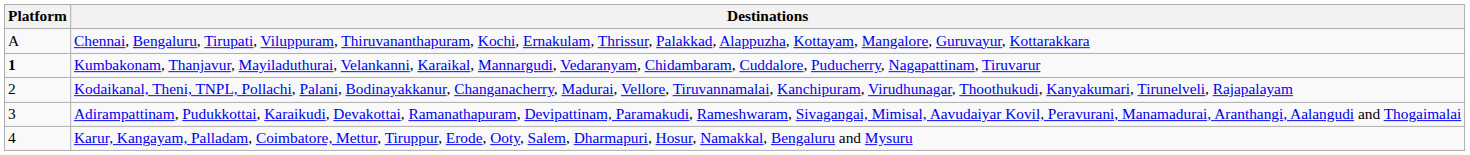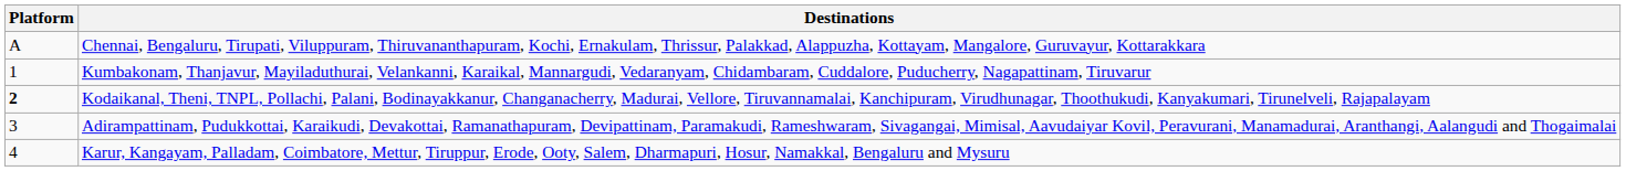 <table class ="wikitable">
 <tr>
 <th>Platform</th>
 <th>Destinations</th>
 </tr>
 <tr>
 <td>A</td>
 <td><a href='#'>Chennai</a>, <a href='#'>Bengaluru</a>, <a href='#'>Tirupati</a>,  <a href='#'>Viluppuram</a>, <a href='#'>Thiruvananthapuram</a>, <a href='#'>Kochi</a>, <a href='#'>Ernakulam</a>, <a href='#'>Thrissur</a>, <a href='#'>Palakkad</a>, <a href='#'>Alappuzha</a>, <a href='#'>Kottayam</a>, <a href='#'>Mangalore</a>, <a href='#'>Guruvayur</a>, <a href='#'>Kottarakkara</a></td>
 </tr>
 <tr>
-<td><strong>1</strong></td>
+<td>1</td>
 <td><a href='#'>Kumbakonam</a>, <a href='#'>Thanjavur</a>, <a href='#'>Mayiladuthurai</a>, <a href='#'>Velankanni</a>, <a href='#'>Karaikal</a>, <a href='#'>Mannargudi</a>, <a href='#'>Vedaranyam</a>, <a href='#'>Chidambaram</a>, <a href='#'>Cuddalore</a>, <a href='#'>Puducherry</a>, <a href='#'>Nagapattinam</a>, <a href='#'>Tiruvarur</a></td>
 </tr>
 <tr>
-<td>2</td>
+<td><strong>2</strong></td>
 <td><a href='#'>Kodaikanal, Theni, TNPL, Pollachi</a>, <a href='#'>Palani</a>, <a href='#'>Bodinayakkanur</a>, <a href='#'>Changanacherry</a>, <a href='#'>Madurai</a>, <a href='#'>Vellore</a>, <a href='#'>Tiruvannamalai</a>, <a href='#'>Kanchipuram</a>, <a href='#'>Virudhunagar</a>, <a href='#'>Thoothukudi</a>, <a href='#'>Kanyakumari</a>, <a href='#'>Tirunelveli</a>, <a href='#'>Rajapalayam</a></td>
 </tr>
 <tr>
 <td>3</td>
 <td><a href='#'>Adirampattinam</a>, <a href='#'>Pudukkottai</a>, <a href='#'>Karaikudi</a>, <a href='#'>Devakottai</a>, <a href='#'>Ramanathapuram</a>, <a href='#'>Devipattinam, Paramakudi</a>, <a href='#'>Rameshwaram</a>, <a href='#'>Sivagangai, Mimisal, Aavudaiyar Kovil, Peravurani, Manamadurai, Aranthangi, Aalangudi</a> and <a href='#'>Thogaimalai</a></td>
 </tr>
 <tr>
 <td>4</td>
 <td><a href='#'>Karur, Kangayam, Palladam</a>, <a href='#'>Coimbatore, Mettur</a>, <a href='#'>Tiruppur</a>, <a href='#'>Erode</a>, <a href='#'>Ooty</a>, <a href='#'>Salem</a>, <a href='#'>Dharmapuri</a>, <a href='#'>Hosur</a>, <a href='#'>Namakkal</a>, <a href='#'>Bengaluru</a> and <a href='#'>Mysuru</a></td>
 </tr>
 </table>
